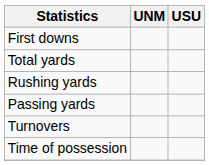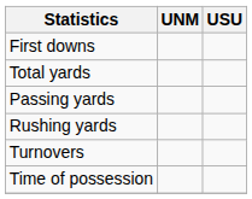 <table class="wikitable" style="float: left;">
 <tr>
 <th>Statistics</th>
 <th>UNM</th>
 <th>USU</th>
 </tr>
 <tr>
 <td>First downs</td>
 <td></td>
 <td></td>
 </tr>
 <tr>
 <td>Total yards</td>
 <td></td>
 <td></td>
 </tr>
 <tr>
-<td>Rushing yards</td>
+<td>Passing yards</td>
 <td></td>
 <td></td>
 </tr>
 <tr>
-<td>Passing yards</td>
+<td>Rushing yards</td>
 <td></td>
 <td></td>
 </tr>
 <tr>
 <td>Turnovers</td>
 <td></td>
 <td></td>
 </tr>
 <tr>
 <td>Time of possession</td>
 <td></td>
 <td></td>
 </tr>
 <tr>
 </tr>
 </table>
